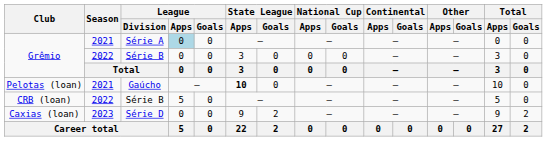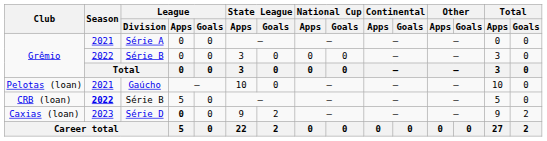 <table class="wikitable" style="text-align: center">
 <tr>
 <th rowspan="2">Club</th>
 <th rowspan="2">Season</th>
 <th colspan="3">League</th>
 <th colspan="2">State League</th>
 <th colspan="2">National Cup</th>
 <th colspan="2">Continental</th>
 <th colspan="2">Other</th>
 <th colspan="2">Total</th>
 </tr>
 <tr>
 <th>Division</th>
 <th>Apps</th>
 <th>Goals</th>
 <th>Apps</th>
 <th>Goals</th>
 <th>Apps</th>
 <th>Goals</th>
 <th>Apps</th>
 <th>Goals</th>
 <th>Apps</th>
 <th>Goals</th>
 <th>Apps</th>
 <th>Goals</th>
 </tr>
 <tr>
 <td rowspan=3><a href='#'>Grêmio</a></td>
 <td><a href='#'>2021</a></td>
 <td><a href='#'>Série A</a></td>
-<td style="background: lightblue;">0</td>
+<td>0</td>
 <td>0</td>
 <td colspan="2">—</td>
 <td colspan="2">—</td>
 <td colspan="2">—</td>
 <td colspan="2">—</td>
 <td>0</td>
 <td>0</td>
 </tr>
 <tr>
 <td><a href='#'>2022</a></td>
 <td><a href='#'>Série B</a></td>
 <td>0</td>
 <td>0</td>
 <td>3</td>
 <td>0</td>
 <td>0</td>
 <td>0</td>
 <td colspan="2">—</td>
 <td colspan="2">—</td>
 <td>3</td>
 <td>0</td>
 </tr>
 <tr>
 <th colspan=2>Total</th>
 <th>0</th>
 <th>0</th>
 <th>3</th>
 <th>0</th>
 <th>0</th>
 <th>0</th>
 <th colspan="2">—</th>
 <th colspan="2">—</th>
 <th>3</th>
 <th>0</th>
 </tr>
 <tr>
 <td><a href='#'>Pelotas</a> (loan)</td>
 <td><a href='#'>2021</a></td>
 <td><a href='#'>Gaúcho</a></td>
 <td colspan="2">—</td>
-<td><strong>10</strong></td>
+<td>10</td>
 <td>0</td>
 <td colspan="2">—</td>
 <td colspan="2">—</td>
 <td colspan="2">—</td>
 <td>10</td>
 <td>0</td>
 </tr>
 <tr>
 <td><a href='#'>CRB</a> (loan)</td>
-<td><a href='#'>2022</a></td>
+<td><strong><a href='#'>2022</a></strong></td>
 <td>Série B</td>
 <td>5</td>
 <td>0</td>
 <td colspan="2">—</td>
 <td colspan="2">—</td>
 <td colspan="2">—</td>
 <td colspan="2">—</td>
 <td>5</td>
 <td>0</td>
 </tr>
 <tr>
 <td><a href='#'>Caxias</a> (loan)</td>
 <td><a href='#'>2023</a></td>
 <td><a href='#'>Série D</a></td>
-<td>0</td>
+<td><strong>0</strong></td>
 <td>0</td>
 <td>9</td>
 <td>2</td>
 <td colspan="2">—</td>
 <td colspan="2">—</td>
 <td colspan="2">—</td>
 <td>9</td>
 <td>2</td>
 </tr>
 <tr>
 <th colspan="3"><strong>Career total</strong></th>
 <th>5</th>
 <th>0</th>
 <th>22</th>
 <th>2</th>
 <th>0</th>
 <th>0</th>
 <th>0</th>
 <th>0</th>
 <th>0</th>
 <th>0</th>
 <th>27</th>
 <th>2</th>
 </tr>
 </table>
